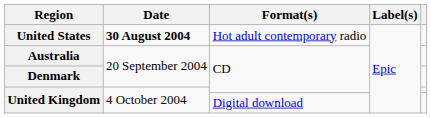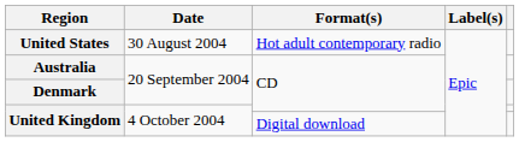 <table class="wikitable plainrowheaders">
 <tr>
 <th scope="col">Region</th>
 <th scope="col">Date</th>
 <th scope="col">Format(s)</th>
 <th scope="col">Label(s)</th>
 <th scope="col"></th>
 </tr>
 <tr>
 <th scope="row">United States</th>
-<td><strong>30 August 2004</strong></td>
+<td>30 August 2004</td>
 <td><a href='#'>Hot adult contemporary</a> radio</td>
 <td rowspan="5"><a href='#'>Epic</a></td>
 <td align="center"></td>
 </tr>
 <tr>
 <th scope="row">Australia</th>
 <td rowspan="2">20 September 2004</td>
 <td rowspan="3">CD</td>
 <td align="center"></td>
 </tr>
 <tr>
 <th scope="row">Denmark</th>
 <td align="center"></td>
 </tr>
 <tr>
 <th scope="row" rowspan="2">United Kingdom</th>
 <td rowspan="2">4 October 2004</td>
 <td align="center"></td>
 </tr>
 <tr>
 <td><a href='#'>Digital download</a></td>
 <td align="center"></td>
 </tr>
 </table>
